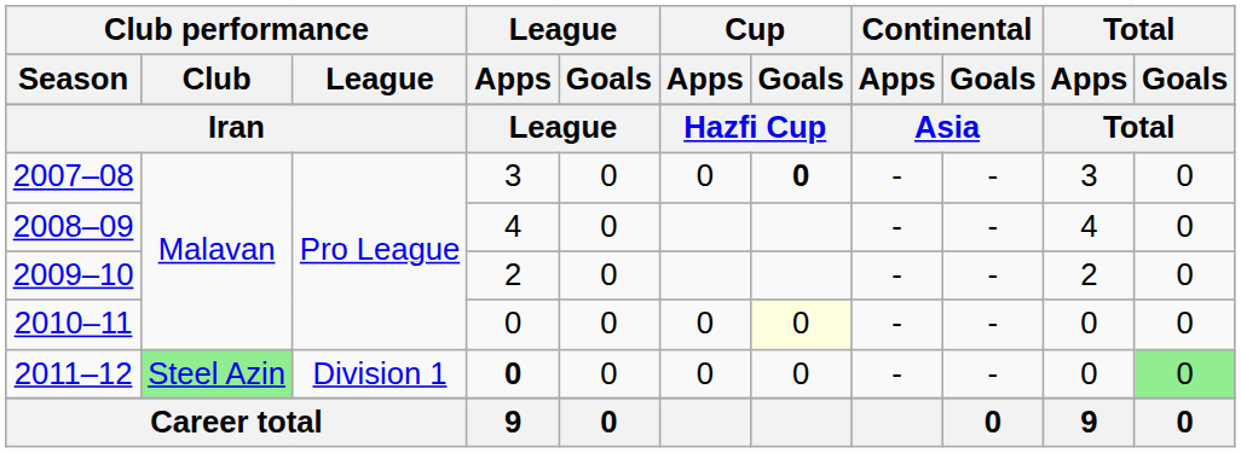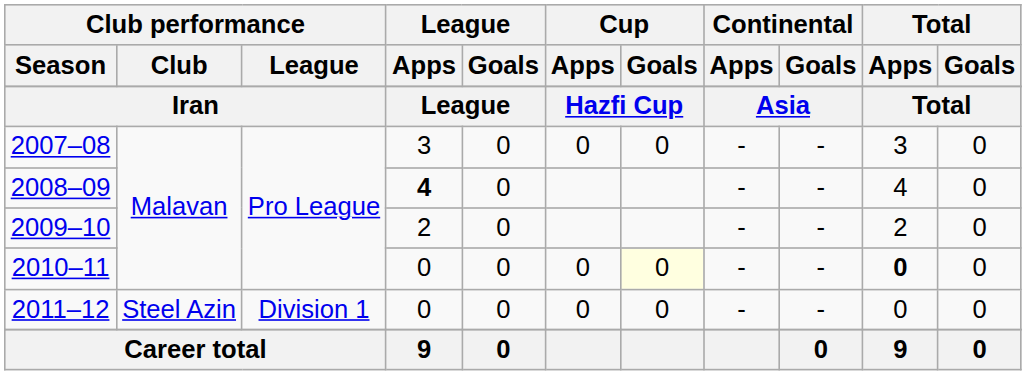 <table class="wikitable" style="text-align:center">
 <tr>
 <th colspan=3>Club performance</th>
 <th colspan=2>League</th>
 <th colspan=2>Cup</th>
 <th colspan=2>Continental</th>
 <th colspan=2>Total</th>
 </tr>
 <tr>
 <th>Season</th>
 <th>Club</th>
 <th>League</th>
 <th>Apps</th>
 <th>Goals</th>
 <th>Apps</th>
 <th>Goals</th>
 <th>Apps</th>
 <th>Goals</th>
 <th>Apps</th>
 <th>Goals</th>
 </tr>
 <tr>
 </tr>
 <tr>
 <th colspan=3>Iran</th>
 <th colspan=2>League</th>
 <th colspan=2><a href='#'>Hazfi Cup</a></th>
 <th colspan=2><a href='#'>Asia</a></th>
 <th colspan=2>Total</th>
 </tr>
 <tr>
 <td><a href='#'>2007–08</a></td>
 <td rowspan="4"><a href='#'>Malavan</a></td>
 <td rowspan="4"><a href='#'>Pro League</a></td>
 <td>3</td>
 <td>0</td>
 <td>0</td>
-<td><strong>0</strong></td>
+<td>0</td>
 <td>-</td>
 <td>-</td>
 <td>3</td>
 <td>0</td>
 </tr>
 <tr>
 <td><a href='#'>2008–09</a></td>
-<td>4</td>
+<td><strong>4</strong></td>
 <td>0</td>
 <td></td>
 <td></td>
 <td>-</td>
 <td>-</td>
 <td>4</td>
 <td>0</td>
 </tr>
 <tr>
 <td><a href='#'>2009–10</a></td>
 <td>2</td>
 <td>0</td>
 <td></td>
 <td></td>
 <td>-</td>
 <td>-</td>
 <td>2</td>
 <td>0</td>
 </tr>
 <tr>
 <td><a href='#'>2010–11</a></td>
 <td>0</td>
 <td>0</td>
 <td>0</td>
 <td style="background: lightyellow;">0</td>
 <td>-</td>
 <td>-</td>
-<td>0</td>
+<td><strong>0</strong></td>
 <td>0</td>
 </tr>
 <tr>
 <td><a href='#'>2011–12</a></td>
-<td style="background: lightgreen;"><a href='#'>Steel Azin</a></td>
+<td><a href='#'>Steel Azin</a></td>
 <td><a href='#'>Division 1</a></td>
-<td><strong>0</strong></td>
+<td>0</td>
 <td>0</td>
 <td>0</td>
 <td>0</td>
 <td>-</td>
 <td>-</td>
 <td>0</td>
-<td style="background: lightgreen;">0</td>
+<td>0</td>
 </tr>
 <tr>
 </tr>
 <tr>
 <th colspan=3>Career total</th>
 <th>9</th>
 <th>0</th>
 <th></th>
 <th></th>
 <th></th>
 <th>0</th>
 <th>9</th>
 <th>0</th>
 </tr>
 </table>
